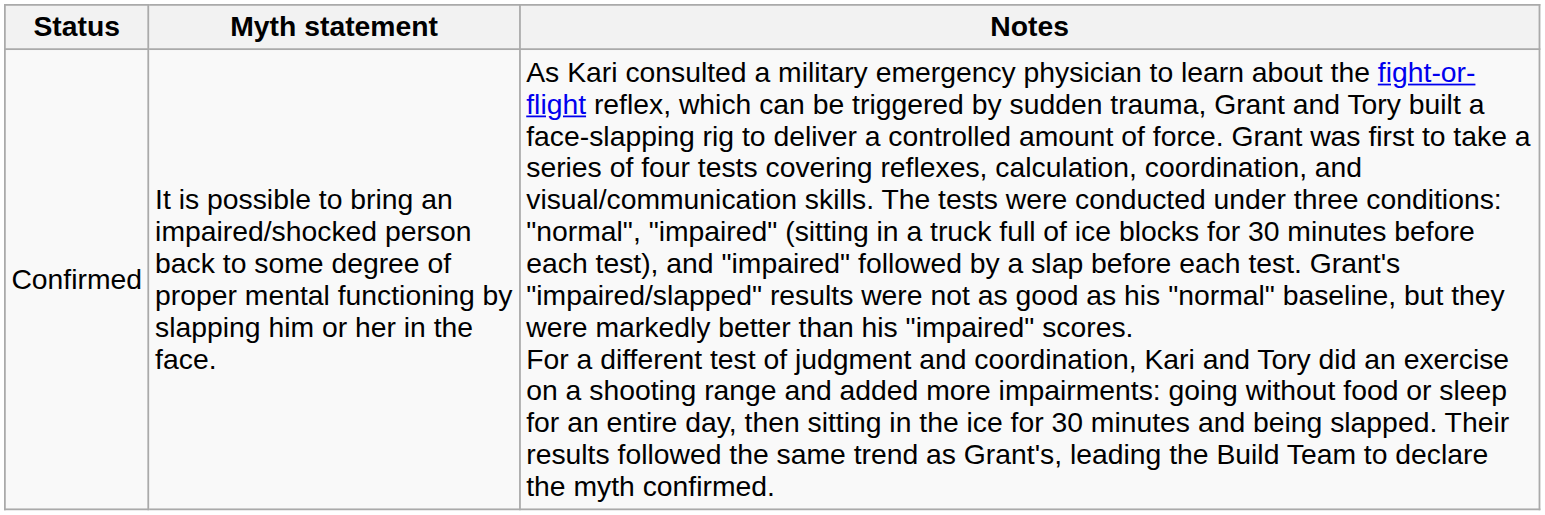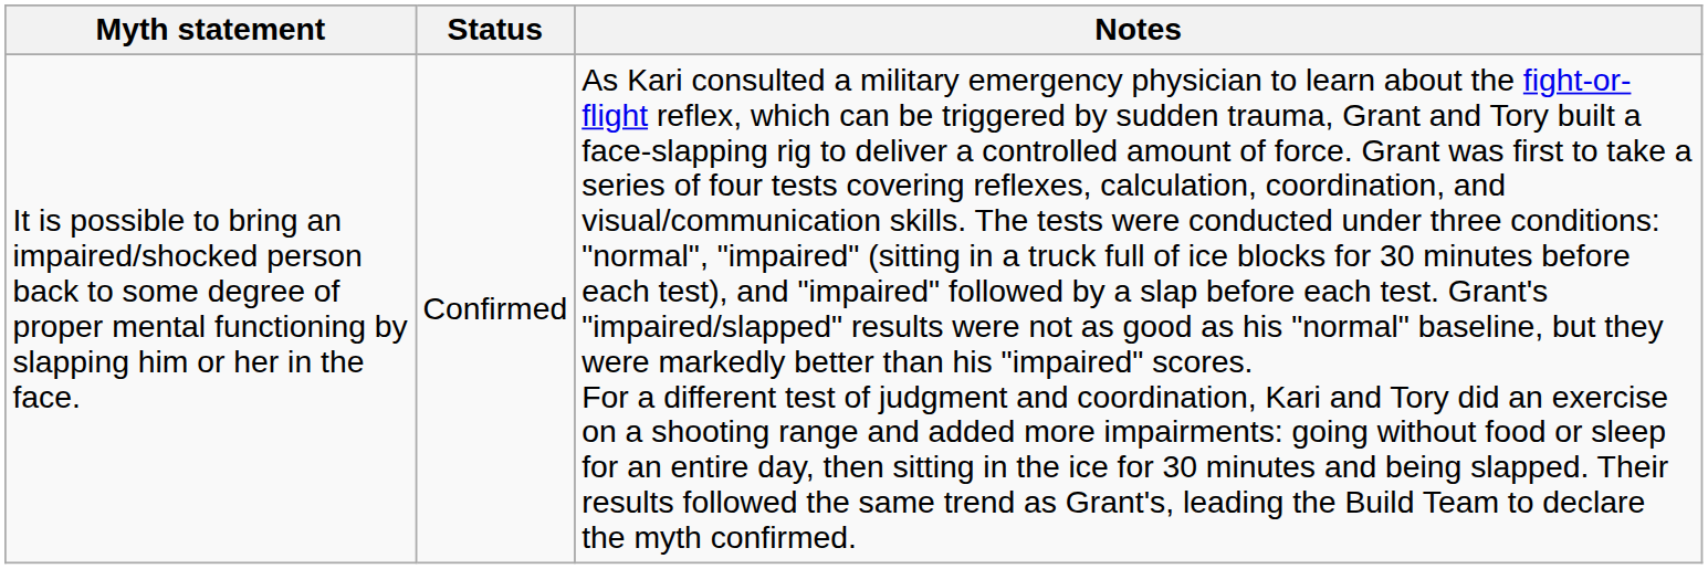 <table class="wikitable plainrowheaders">
 <tr>
+<th>Myth statement</th>
 <th>Status</th>
-<th>Myth statement</th>
 <th>Notes</th>
 </tr>
 <tr>
+<td>It is possible to bring an impaired/shocked person back to some degree of proper mental functioning by slapping him or her in the face.</td>
 <td><span>Confirmed</span></td>
-<td>It is possible to bring an impaired/shocked person back to some degree of proper mental functioning by slapping him or her in the face.</td>
 <td>As Kari consulted a military emergency physician to learn about the <a href='#'>fight-or-flight</a> reflex, which can be triggered by sudden trauma, Grant and Tory built a face-slapping rig to deliver a controlled amount of force. Grant was first to take a series of four tests covering reflexes, calculation, coordination, and visual/communication skills. The tests were conducted under three conditions: "normal", "impaired" (sitting in a truck full of ice blocks for 30 minutes before each test), and "impaired" followed by a slap before each test. Grant's "impaired/slapped" results were not as good as his "normal" baseline, but they were markedly better than his "impaired" scores.<br>For a different test of judgment and coordination, Kari and Tory did an exercise on a shooting range and added more impairments: going without food or sleep for an entire day, then sitting in the ice for 30 minutes and being slapped. Their results followed the same trend as Grant's, leading the Build Team to declare the myth confirmed.</td>
 </tr>
 </table>
